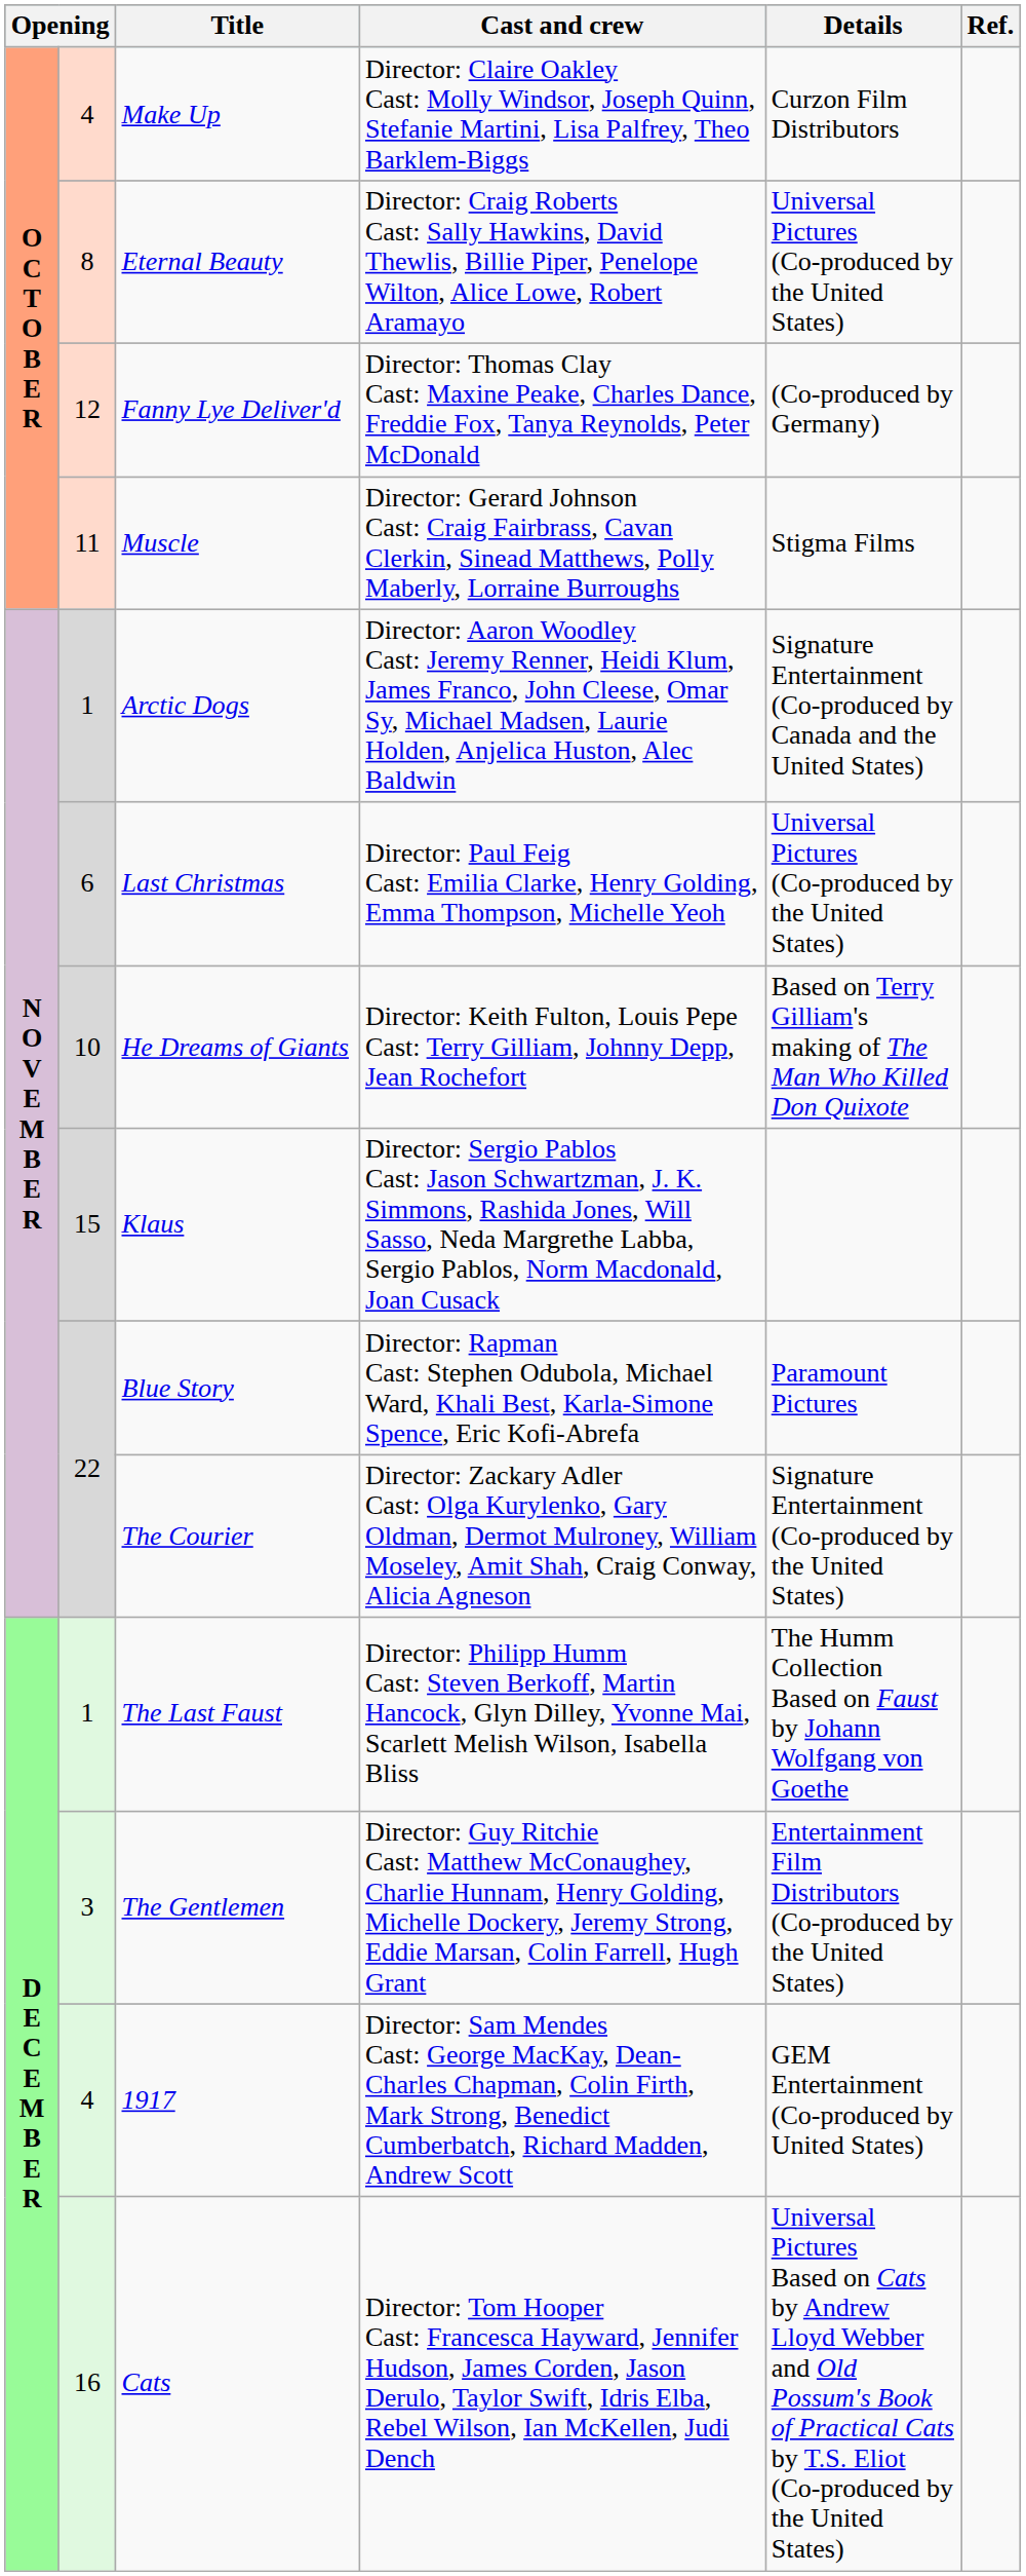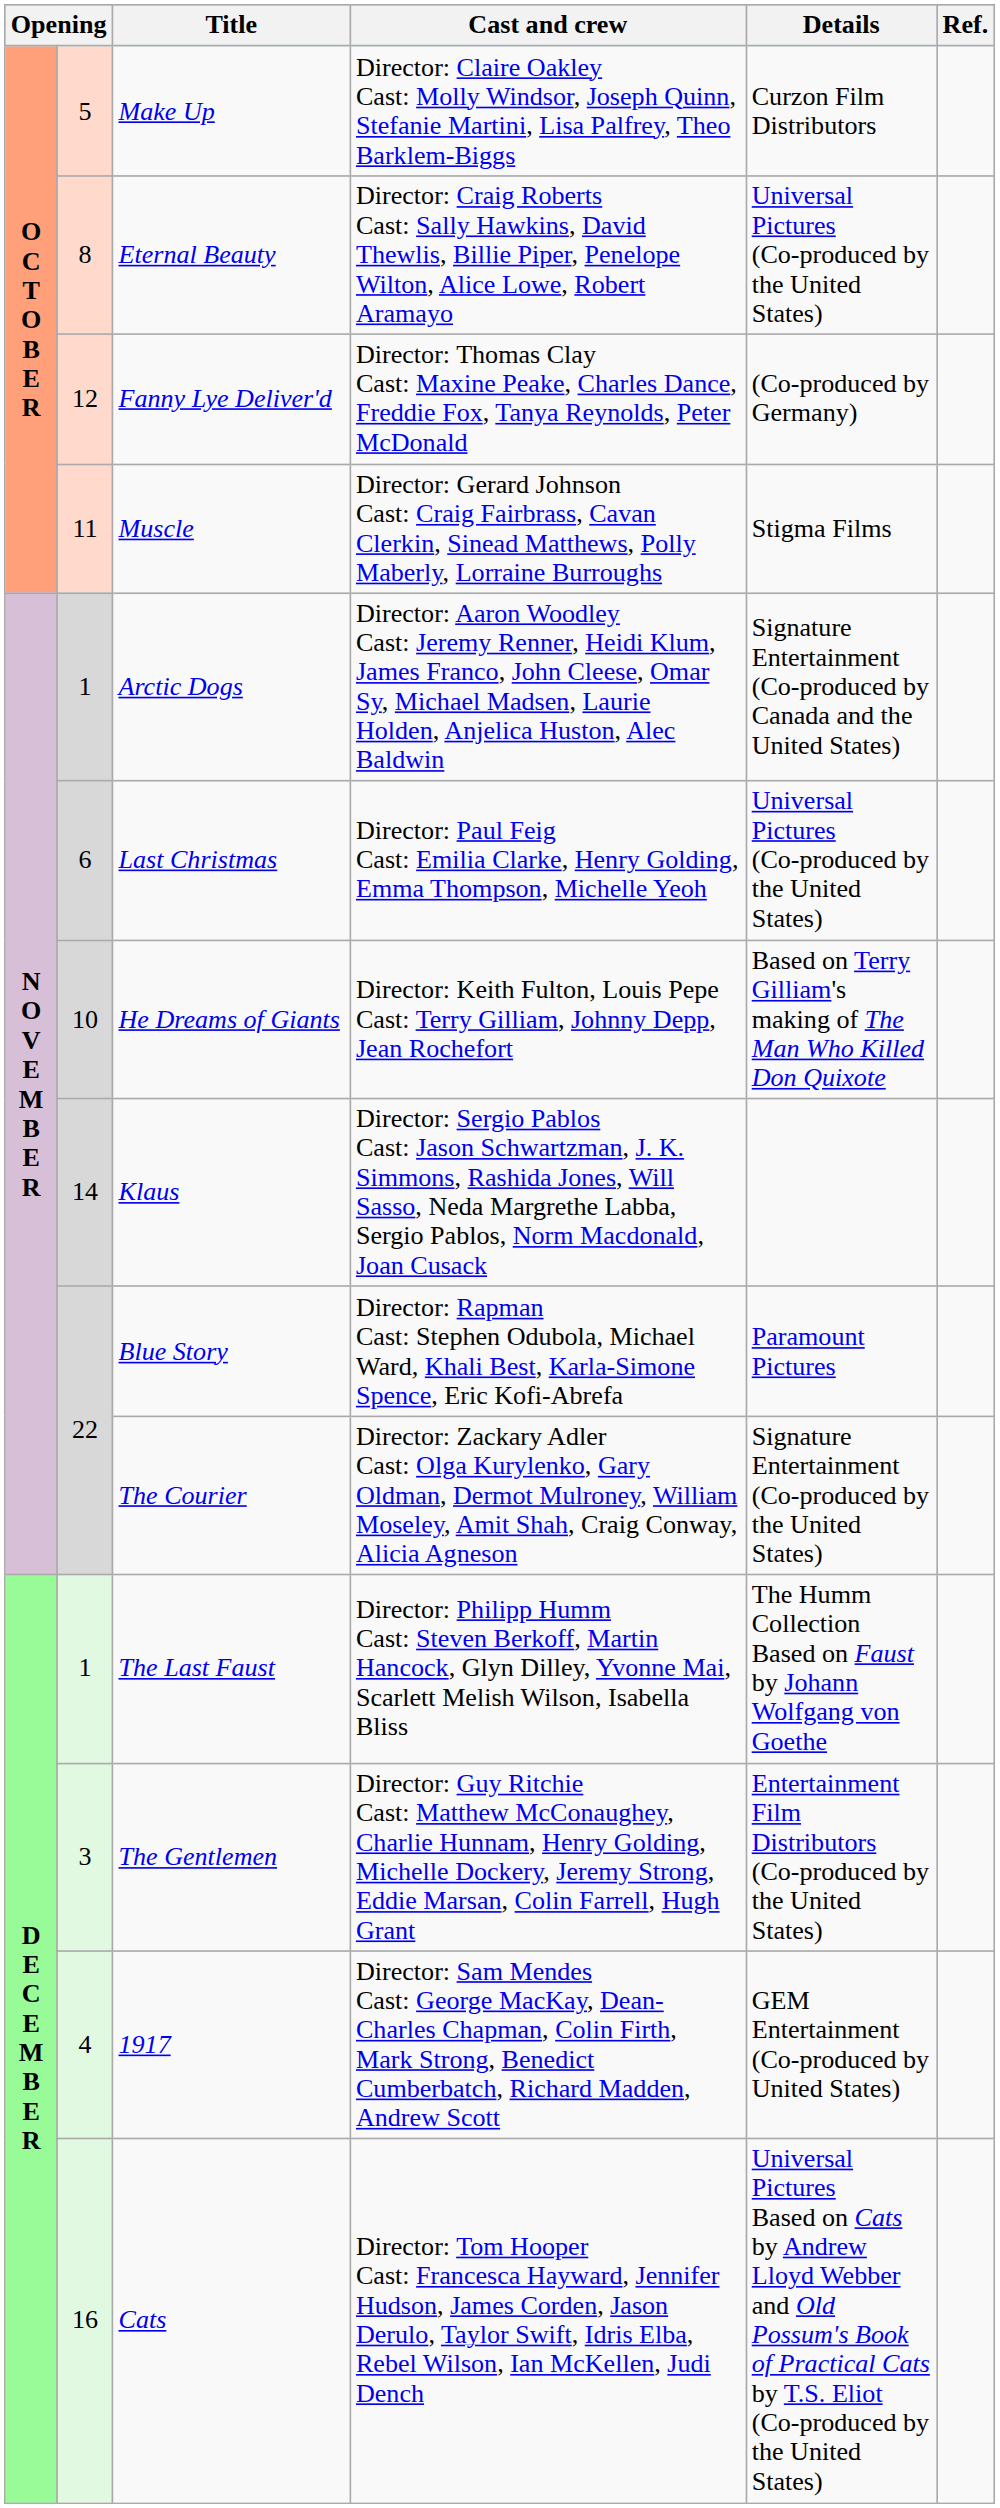 <table class="wikitable">
 <tr style="background:#b0e0e6; text-align:center;">
 <th colspan="2">Opening</th>
 <th style="width:24%;">Title</th>
 <th style="width:40%;">Cast and crew</th>
 <th>Details</th>
 <th style="width:2%;">Ref.</th>
 </tr>
 <tr>
 <th rowspan="4" style="text-align:center; background:#ffa07a; textcolor:#000;">O<br>C<br>T<br>O<br>B<br>E<br>R</th>
-<td style="text-align:center; background:#ffdacc;">4</td>
+<td style="text-align:center; background:#ffdacc;">5</td>
 <td><em><a href='#'>Make Up</a></em></td>
 <td>Director: <a href='#'>Claire Oakley</a> <br> Cast: <a href='#'>Molly Windsor</a>, <a href='#'>Joseph Quinn</a>, <a href='#'>Stefanie Martini</a>, <a href='#'>Lisa Palfrey</a>, <a href='#'>Theo Barklem-Biggs</a></td>
 <td>Curzon Film Distributors</td>
 <td style="text-align:center"></td>
 </tr>
 <tr>
 <td style="text-align:center; background:#ffdacc;">8</td>
 <td><em><a href='#'>Eternal Beauty</a></em></td>
 <td>Director: <a href='#'>Craig Roberts</a> <br> Cast: <a href='#'>Sally Hawkins</a>, <a href='#'>David Thewlis</a>, <a href='#'>Billie Piper</a>, <a href='#'>Penelope Wilton</a>, <a href='#'>Alice Lowe</a>, <a href='#'>Robert Aramayo</a></td>
 <td><a href='#'>Universal Pictures</a> <br> (Co-produced by the United States)</td>
 <td style="text-align:center"></td>
 </tr>
 <tr>
 <td style="text-align:center; background:#ffdacc;">12</td>
 <td><em><a href='#'>Fanny Lye Deliver'd</a></em></td>
 <td>Director: Thomas Clay <br> Cast: <a href='#'>Maxine Peake</a>, <a href='#'>Charles Dance</a>, <a href='#'>Freddie Fox</a>, <a href='#'>Tanya Reynolds</a>, <a href='#'>Peter McDonald</a></td>
 <td>(Co-produced by Germany)</td>
 <td style="text-align:center"></td>
 </tr>
 <tr>
 <td style="text-align:center; background:#ffdacc;">11</td>
 <td><em><a href='#'>Muscle</a></em></td>
 <td>Director: Gerard Johnson <br> Cast: <a href='#'>Craig Fairbrass</a>, <a href='#'>Cavan Clerkin</a>, <a href='#'>Sinead Matthews</a>, <a href='#'>Polly Maberly</a>, <a href='#'>Lorraine Burroughs</a></td>
 <td>Stigma Films</td>
 <td style="text-align:center"></td>
 </tr>
 <tr>
 <th rowspan="6" style="text-align:center; background:thistle; textcolor:#000;">N<br>O<br>V<br>E<br>M<br>B<br>E<br>R</th>
 <td style="text-align:center; background:#d8d8d8;">1</td>
 <td><em><a href='#'>Arctic Dogs</a></em></td>
 <td>Director: <a href='#'>Aaron Woodley</a> <br> Cast: <a href='#'>Jeremy Renner</a>, <a href='#'>Heidi Klum</a>, <a href='#'>James Franco</a>, <a href='#'>John Cleese</a>, <a href='#'>Omar Sy</a>, <a href='#'>Michael Madsen</a>, <a href='#'>Laurie Holden</a>, <a href='#'>Anjelica Huston</a>, <a href='#'>Alec Baldwin</a></td>
 <td>Signature Entertainment <br> (Co-produced by Canada and the United States)</td>
 <td style="text-align:center"></td>
 </tr>
 <tr>
 <td style="text-align:center; background:#d8d8d8;">6</td>
 <td><em><a href='#'>Last Christmas</a></em></td>
 <td>Director: <a href='#'>Paul Feig</a> <br> Cast: <a href='#'>Emilia Clarke</a>, <a href='#'>Henry Golding</a>, <a href='#'>Emma Thompson</a>, <a href='#'>Michelle Yeoh</a></td>
 <td><a href='#'>Universal Pictures</a> <br> (Co-produced by the United States)</td>
 <td style="text-align:center"></td>
 </tr>
 <tr>
 <td style="text-align:center; background:#d8d8d8;">10</td>
 <td><em><a href='#'>He Dreams of Giants</a></em></td>
 <td>Director: Keith Fulton, Louis Pepe <br> Cast: <a href='#'>Terry Gilliam</a>, <a href='#'>Johnny Depp</a>, <a href='#'>Jean Rochefort</a></td>
 <td>Based on <a href='#'>Terry Gilliam</a>'s making of <em><a href='#'>The Man Who Killed Don Quixote</a></em></td>
 <td style="text-align:center"></td>
 </tr>
 <tr>
-<td style="text-align:center; background:#d8d8d8;">15</td>
+<td style="text-align:center; background:#d8d8d8;">14</td>
 <td><em><a href='#'>Klaus</a></em></td>
 <td>Director: <a href='#'>Sergio Pablos</a> <br> Cast: <a href='#'>Jason Schwartzman</a>, <a href='#'>J. K. Simmons</a>, <a href='#'>Rashida Jones</a>, <a href='#'>Will Sasso</a>, Neda Margrethe Labba, Sergio Pablos, <a href='#'>Norm Macdonald</a>, <a href='#'>Joan Cusack</a></td>
 <td></td>
 <td></td>
 </tr>
 <tr>
 <td rowspan="2" style="text-align:center; background:#d8d8d8;">22</td>
 <td><em><a href='#'>Blue Story</a></em></td>
 <td>Director: <a href='#'>Rapman</a> <br> Cast: Stephen Odubola, Michael Ward, <a href='#'>Khali Best</a>, <a href='#'>Karla-Simone Spence</a>, Eric Kofi-Abrefa</td>
 <td><a href='#'>Paramount Pictures</a></td>
 <td style="text-align:center"></td>
 </tr>
 <tr>
 <td><em><a href='#'>The Courier</a></em></td>
 <td>Director: Zackary Adler <br> Cast: <a href='#'>Olga Kurylenko</a>, <a href='#'>Gary Oldman</a>, <a href='#'>Dermot Mulroney</a>, <a href='#'>William Moseley</a>, <a href='#'>Amit Shah</a>, Craig Conway, <a href='#'>Alicia Agneson</a></td>
 <td>Signature Entertainment <br> (Co-produced by the United States)</td>
 <td style="text-align:center"></td>
 </tr>
 <tr>
 <th rowspan="4" style="text-align:center; background:#98fb98; textcolor:#000;">D<br>E<br>C<br>E<br>M<br>B<br>E<br>R</th>
 <td style="text-align:center; background:#e0f9e0;">1</td>
 <td><em><a href='#'>The Last Faust</a></em></td>
 <td>Director: <a href='#'>Philipp Humm</a> <br> Cast: <a href='#'>Steven Berkoff</a>, <a href='#'>Martin Hancock</a>, Glyn Dilley, <a href='#'>Yvonne Mai</a>, Scarlett Melish Wilson, Isabella Bliss</td>
 <td>The Humm Collection <br> Based on <em><a href='#'>Faust</a></em> by <a href='#'>Johann Wolfgang von Goethe</a></td>
 <td style="text-align:center"></td>
 </tr>
 <tr>
 <td style="text-align:center; background:#e0f9e0;">3</td>
 <td><em><a href='#'>The Gentlemen</a></em></td>
 <td>Director: <a href='#'>Guy Ritchie</a> <br> Cast: <a href='#'>Matthew McConaughey</a>, <a href='#'>Charlie Hunnam</a>, <a href='#'>Henry Golding</a>, <a href='#'>Michelle Dockery</a>, <a href='#'>Jeremy Strong</a>, <a href='#'>Eddie Marsan</a>, <a href='#'>Colin Farrell</a>, <a href='#'>Hugh Grant</a></td>
 <td><a href='#'>Entertainment Film Distributors</a> <br> (Co-produced by the United States)</td>
 <td style="text-align:center"></td>
 </tr>
 <tr>
 <td style="text-align:center; background:#e0f9e0;">4</td>
 <td><em><a href='#'>1917</a></em></td>
 <td>Director: <a href='#'>Sam Mendes</a> <br> Cast: <a href='#'>George MacKay</a>, <a href='#'>Dean-Charles Chapman</a>, <a href='#'>Colin Firth</a>, <a href='#'>Mark Strong</a>, <a href='#'>Benedict Cumberbatch</a>, <a href='#'>Richard Madden</a>, <a href='#'>Andrew Scott</a></td>
 <td>GEM Entertainment <br> (Co-produced by United States)</td>
 <td style="text-align:center"></td>
 </tr>
 <tr>
 <td style="text-align:center; background:#e0f9e0;">16</td>
 <td><em><a href='#'>Cats</a></em></td>
 <td>Director: <a href='#'>Tom Hooper</a> <br> Cast: <a href='#'>Francesca Hayward</a>, <a href='#'>Jennifer Hudson</a>, <a href='#'>James Corden</a>, <a href='#'>Jason Derulo</a>, <a href='#'>Taylor Swift</a>, <a href='#'>Idris Elba</a>, <a href='#'>Rebel Wilson</a>, <a href='#'>Ian McKellen</a>, <a href='#'>Judi Dench</a></td>
 <td><a href='#'>Universal Pictures</a> <br> Based on <em><a href='#'>Cats</a></em> by <a href='#'>Andrew Lloyd Webber</a> and <em><a href='#'>Old Possum's Book of Practical Cats</a></em> by <a href='#'>T.S. Eliot</a> <br> (Co-produced by the United States)</td>
 <td style="text-align:center"></td>
 </tr>
 <tr>
 </tr>
 </table>
